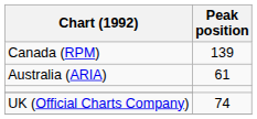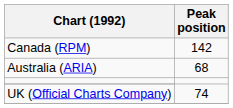 <table class="wikitable sortable">
 <tr>
 <th>Chart (1992)</th>
 <th>Peak<br>position</th>
 </tr>
 <tr>
 <td>Canada (<a href='#'>RPM</a>)</td>
-<td align="center">139</td>
+<td align="center">142</td>
 </tr>
 <tr>
 <td>Australia (<a href='#'>ARIA</a>)</td>
-<td align="center">61</td>
+<td align="center">68</td>
 </tr>
 <tr>
 <td></td>
 </tr>
 <tr>
 </tr>
 <tr>
 </tr>
 <tr>
 <td>UK (<a href='#'>Official Charts Company</a>)</td>
 <td align="center">74</td>
 </tr>
 <tr>
 </tr>
 </table>
